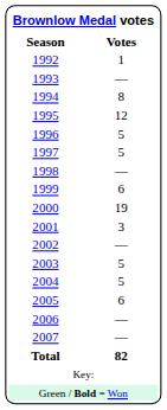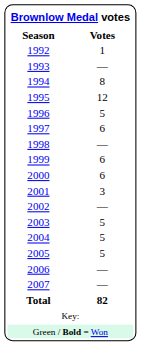 <table style="margin-right:4px; margin-top:8px; float:right; border:1px #000 solid; border-radius:8px; background:#fff; font-family:Verdana; font-size:8pt; text-align:center;">
 <tr style="background:#fff;">
 <td colspan="2;" style="padding:3px; margin-bottom:-3px; margin-top:2px; font-family:Arial; "><strong><a href='#'>Brownlow Medal</a> votes</strong></td>
 </tr>
 <tr>
 <th style="width:50%;">Season</th>
 <th style="width:50%;">Votes</th>
 </tr>
 <tr>
 <td><a href='#'>1992</a></td>
 <td>1</td>
 </tr>
 <tr>
 <td><a href='#'>1993</a></td>
 <td>—</td>
 </tr>
 <tr>
 <td><a href='#'>1994</a></td>
 <td>8</td>
 </tr>
 <tr>
 <td><a href='#'>1995</a></td>
 <td>12</td>
 </tr>
 <tr>
 <td><a href='#'>1996</a></td>
 <td>5</td>
 </tr>
 <tr>
 <td><a href='#'>1997</a></td>
-<td>5</td>
+<td>6</td>
 </tr>
 <tr>
 <td><a href='#'>1998</a></td>
 <td>—</td>
 </tr>
 <tr>
 <td><a href='#'>1999</a></td>
 <td>6</td>
 </tr>
 <tr>
 <td><a href='#'>2000</a></td>
-<td>19</td>
+<td>6</td>
 </tr>
 <tr>
 <td><a href='#'>2001</a></td>
 <td>3</td>
 </tr>
 <tr>
 <td><a href='#'>2002</a></td>
 <td>—</td>
 </tr>
 <tr>
 <td><a href='#'>2003</a></td>
 <td>5</td>
 </tr>
 <tr>
 <td><a href='#'>2004</a></td>
 <td>5</td>
 </tr>
 <tr>
 <td><a href='#'>2005</a></td>
-<td>6</td>
+<td>5</td>
 </tr>
 <tr>
 <td><a href='#'>2006</a></td>
 <td>—</td>
 </tr>
 <tr>
 <td><a href='#'>2007</a></td>
 <td>—</td>
 </tr>
 <tr>
 <td><strong>Total</strong></td>
 <td><strong>82</strong></td>
 </tr>
 <tr>
 <td colspan=2><small>Key:</small></td>
 </tr>
 <tr style="background:#d9f9e9; border:1px solid #aaa; width:2em;">
 <td colspan=2><small>Green / <strong>Bold</strong> = <a href='#'>Won</a></small></td>
 </tr>
 </table>
